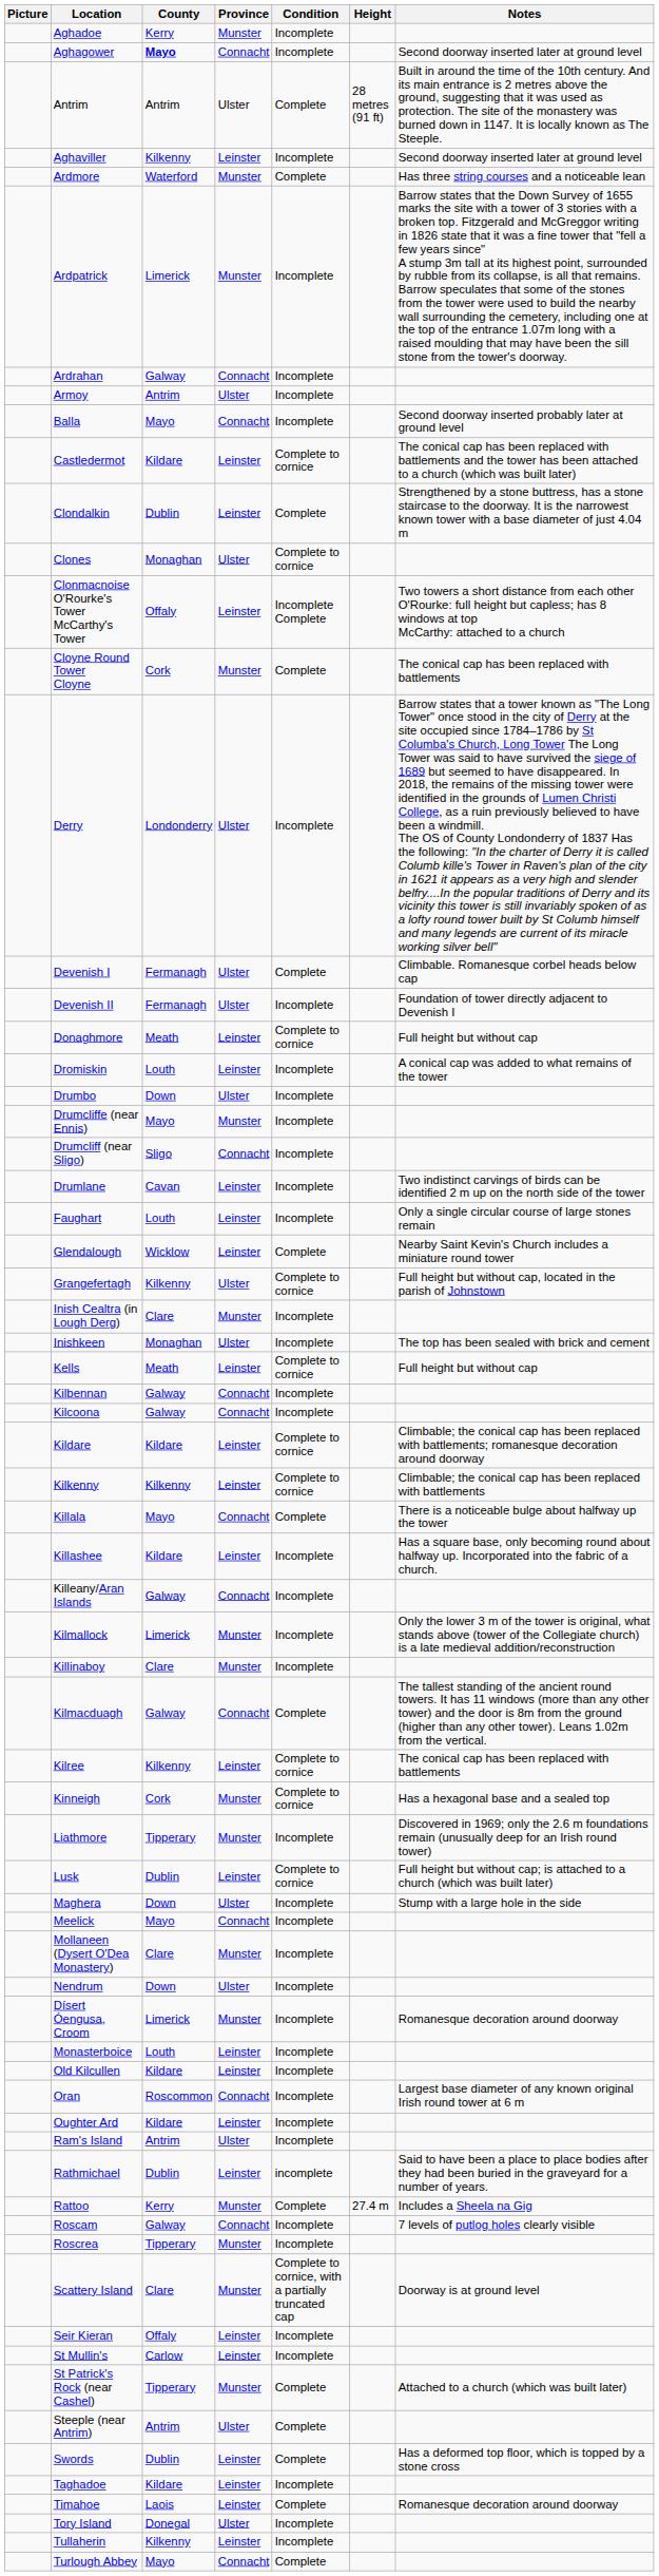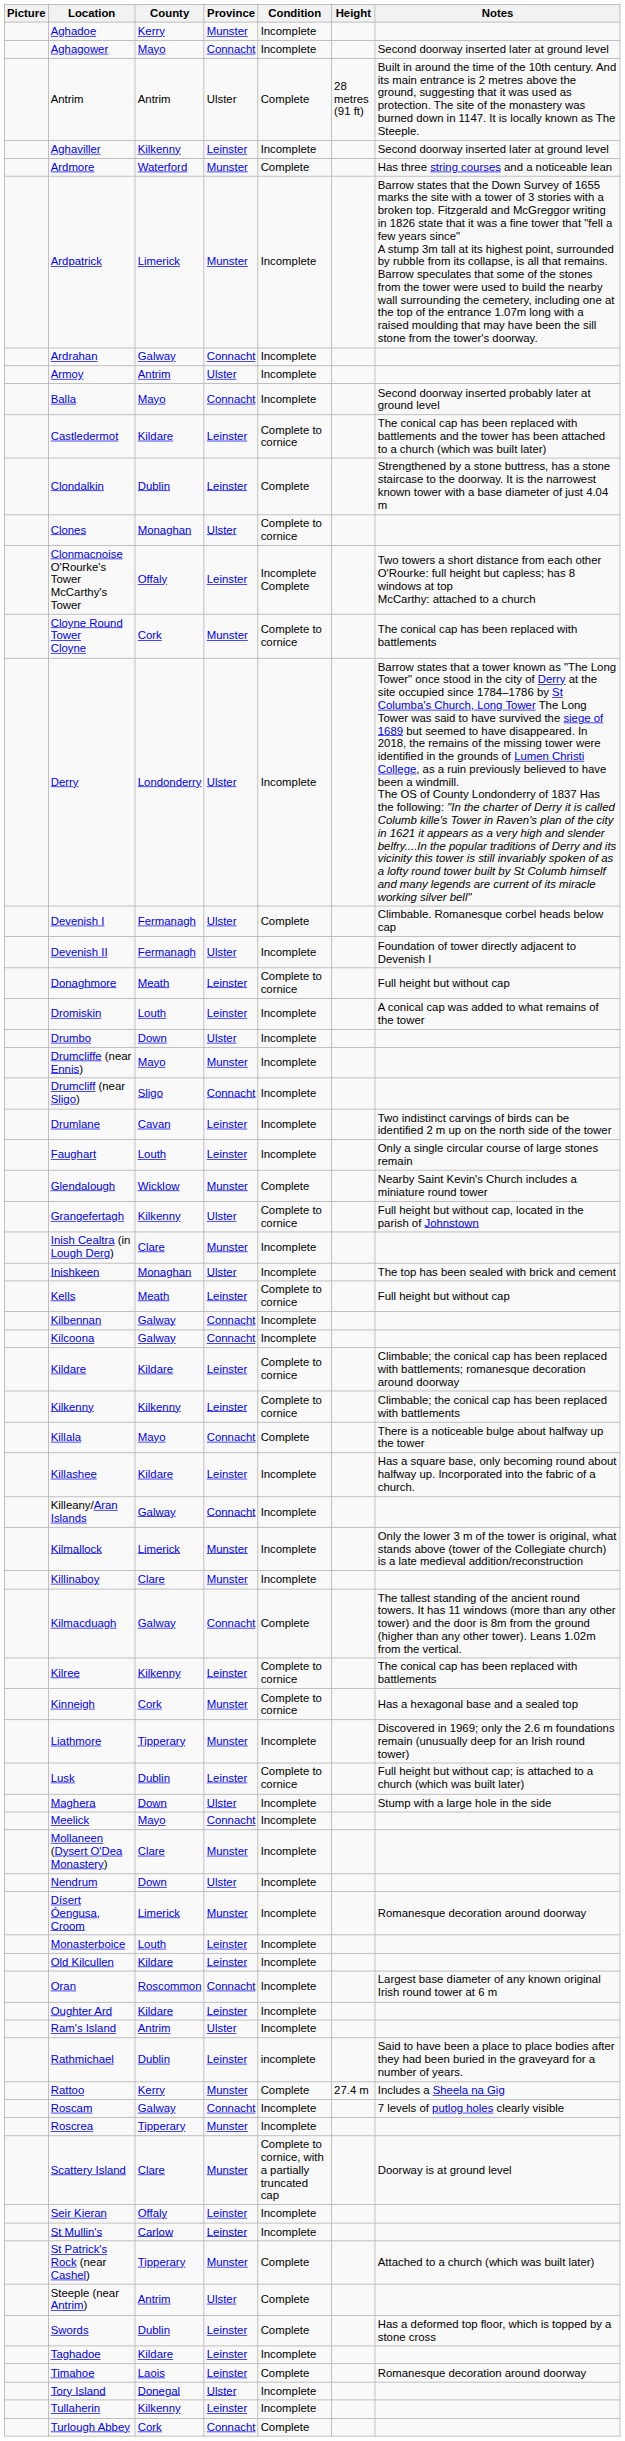 <table class="wikitable sortable">
 <tr>
 <th>Picture</th>
 <th>Location</th>
 <th>County</th>
 <th>Province</th>
 <th>Condition</th>
 <th>Height</th>
 <th>Notes</th>
 </tr>
 <tr>
 <td></td>
 <td><a href='#'>Aghadoe</a></td>
 <td><a href='#'>Kerry</a></td>
 <td><a href='#'>Munster</a></td>
 <td>Incomplete</td>
 <td data-sort-value="05.4"></td>
 <td></td>
 </tr>
 <tr>
 <td></td>
 <td><a href='#'>Aghagower</a></td>
-<td><strong><a href='#'>Mayo</a></strong></td>
+<td><a href='#'>Mayo</a></td>
 <td><a href='#'>Connacht</a></td>
 <td>Incomplete</td>
 <td data-sort-value="16"></td>
 <td>Second doorway inserted later at ground level</td>
 </tr>
 <tr>
 <td></td>
 <td>Antrim</td>
 <td>Antrim</td>
 <td>Ulster</td>
 <td>Complete</td>
 <td>28 metres (91 ft)</td>
 <td>Built in around the time of the 10th century. And its main entrance is 2 metres above the ground, suggesting that it was used as protection. The site of the monastery was burned down in 1147. It is locally known as The Steeple.</td>
 </tr>
 <tr>
 <td></td>
 <td><a href='#'>Aghaviller</a></td>
 <td><a href='#'>Kilkenny</a></td>
 <td><a href='#'>Leinster</a></td>
 <td>Incomplete</td>
 <td data-sort-value="09.6"></td>
 <td>Second doorway inserted later at ground level</td>
 </tr>
 <tr>
 <td></td>
 <td><a href='#'>Ardmore</a></td>
 <td><a href='#'>Waterford</a></td>
 <td><a href='#'>Munster</a></td>
 <td>Complete</td>
 <td data-sort-value="30"></td>
 <td>Has three <a href='#'>string courses</a> and a noticeable lean</td>
 </tr>
 <tr>
 <td></td>
 <td><a href='#'>Ardpatrick</a></td>
 <td><a href='#'>Limerick</a></td>
 <td><a href='#'>Munster</a></td>
 <td>Incomplete</td>
 <td data-sort-value="03"></td>
 <td>Barrow states that the Down Survey of 1655 marks the site with a tower of 3 stories with a broken top. Fitzgerald and McGreggor writing in 1826 state that it was a fine tower that "fell a few years since"<br>A stump 3m tall at its highest point, surrounded by rubble from its collapse, is all that remains. Barrow speculates that some of the stones from the tower were used to build the nearby wall surrounding the cemetery, including one at the top of the entrance 1.07m long with a raised moulding that may have been the sill stone from the tower's doorway.</td>
 </tr>
 <tr>
 <td></td>
 <td><a href='#'>Ardrahan</a></td>
 <td><a href='#'>Galway</a></td>
 <td><a href='#'>Connacht</a></td>
 <td>Incomplete</td>
 <td data-sort-value="03"></td>
 <td></td>
 </tr>
 <tr>
 <td></td>
 <td><a href='#'>Armoy</a></td>
 <td><a href='#'>Antrim</a></td>
 <td><a href='#'>Ulster</a></td>
 <td>Incomplete</td>
 <td data-sort-value="10.8"></td>
 <td></td>
 </tr>
 <tr>
 <td></td>
 <td><a href='#'>Balla</a></td>
 <td><a href='#'>Mayo</a></td>
 <td><a href='#'>Connacht</a></td>
 <td>Incomplete</td>
 <td data-sort-value="10"></td>
 <td>Second doorway inserted probably later at ground level</td>
 </tr>
 <tr>
 <td></td>
 <td><a href='#'>Castledermot</a></td>
 <td><a href='#'>Kildare</a></td>
 <td><a href='#'>Leinster</a></td>
 <td>Complete to cornice</td>
 <td data-sort-value="20"></td>
 <td>The conical cap has been replaced with battlements and the tower has been attached to a church (which was built later)</td>
 </tr>
 <tr>
 <td></td>
 <td><a href='#'>Clondalkin</a></td>
 <td><a href='#'>Dublin</a></td>
 <td><a href='#'>Leinster</a></td>
 <td>Complete</td>
 <td data-sort-value="27.5"></td>
 <td>Strengthened by a stone buttress, has a stone staircase to the doorway. It is the narrowest known tower with a base diameter of just 4.04 m</td>
 </tr>
 <tr>
 <td></td>
 <td><a href='#'>Clones</a></td>
 <td><a href='#'>Monaghan</a></td>
 <td><a href='#'>Ulster</a></td>
 <td>Complete to cornice</td>
 <td data-sort-value="22.9"></td>
 <td></td>
 </tr>
 <tr>
 <td></td>
 <td><a href='#'>Clonmacnoise</a><br>O'Rourke's Tower<br>McCarthy's Tower</td>
 <td><a href='#'>Offaly</a></td>
 <td><a href='#'>Leinster</a></td>
 <td>Incomplete<br>Complete</td>
 <td data-sort-value="19.3"><br></td>
 <td>Two towers a short distance from each other<br>O'Rourke: full height but capless; has 8 windows at top<br>McCarthy: attached to a church</td>
 </tr>
 <tr>
 <td></td>
 <td><a href='#'>Cloyne Round Tower</a><br> <a href='#'>Cloyne</a></td>
 <td><a href='#'>Cork</a></td>
 <td><a href='#'>Munster</a></td>
-<td>Complete</td>
+<td>Complete to cornice</td>
 <td data-sort-value="30.5"></td>
 <td>The conical cap has been replaced with battlements</td>
 </tr>
 <tr>
 <td></td>
 <td><a href='#'>Derry</a></td>
 <td><a href='#'>Londonderry</a></td>
 <td><a href='#'>Ulster</a></td>
 <td>Incomplete</td>
 <td "around"[data-sort-value="5.5" ]></td>
 <td>Barrow states that a tower known as "The Long Tower" once stood in the city of <a href='#'>Derry</a> at the site occupied since 1784–1786 by <a href='#'>St Columba's Church, Long Tower</a> The Long Tower was said to have survived the <a href='#'>siege of 1689</a> but seemed to have disappeared. In 2018, the remains of the missing tower were identified in the grounds of <a href='#'>Lumen Christi College</a>, as a ruin previously believed to have been a windmill.<br>The OS of County Londonderry of 1837 Has the following: <em>"In the charter of Derry it is called Columb kille's Tower in Raven's plan of the city in 1621 it appears as a very high and slender belfry....In the popular traditions of Derry and its vicinity this tower is still invariably spoken of as a lofty round tower built by St Columb himself and many legends are current of its miracle working silver bell"</em></td>
 </tr>
 <tr>
 <td></td>
 <td><a href='#'>Devenish I</a></td>
 <td><a href='#'>Fermanagh</a></td>
 <td><a href='#'>Ulster</a></td>
 <td>Complete</td>
 <td data-sort-value="25"></td>
 <td>Climbable.  Romanesque corbel heads below cap</td>
 </tr>
 <tr>
 <td></td>
 <td><a href='#'>Devenish II</a></td>
 <td><a href='#'>Fermanagh</a></td>
 <td><a href='#'>Ulster</a></td>
 <td>Incomplete</td>
 <td data-sort-value="0.5"></td>
 <td>Foundation of tower directly adjacent to Devenish I</td>
 </tr>
 <tr>
 <td></td>
 <td><a href='#'>Donaghmore</a></td>
 <td><a href='#'>Meath</a></td>
 <td><a href='#'>Leinster</a></td>
 <td>Complete to cornice</td>
 <td data-sort-value="26.6"></td>
 <td>Full height but without cap</td>
 </tr>
 <tr>
 <td></td>
 <td><a href='#'>Dromiskin</a></td>
 <td><a href='#'>Louth</a></td>
 <td><a href='#'>Leinster</a></td>
 <td>Incomplete</td>
 <td data-sort-value="15.2"></td>
 <td>A conical cap was added to what remains of the tower</td>
 </tr>
 <tr>
 <td></td>
 <td><a href='#'>Drumbo</a></td>
 <td><a href='#'>Down</a></td>
 <td><a href='#'>Ulster</a></td>
 <td>Incomplete</td>
 <td data-sort-value="10.25"></td>
 <td></td>
 </tr>
 <tr>
 <td></td>
 <td><a href='#'>Drumcliffe</a> (near <a href='#'>Ennis</a>)</td>
 <td><a href='#'>Mayo</a></td>
 <td><a href='#'>Munster</a></td>
 <td>Incomplete</td>
 <td data-sort-value="11"></td>
 <td></td>
 </tr>
 <tr>
 <td></td>
 <td><a href='#'>Drumcliff</a> (near <a href='#'>Sligo</a>)</td>
 <td><a href='#'>Sligo</a></td>
 <td><a href='#'>Connacht</a></td>
 <td>Incomplete</td>
 <td data-sort-value="9"></td>
 <td></td>
 </tr>
 <tr>
 <td></td>
 <td><a href='#'>Drumlane</a></td>
 <td><a href='#'>Cavan</a></td>
 <td><a href='#'>Leinster</a></td>
 <td>Incomplete</td>
 <td data-sort-value="12"></td>
 <td>Two indistinct carvings of birds can be identified 2 m up on the north side of the tower</td>
 </tr>
 <tr>
 <td></td>
 <td><a href='#'>Faughart</a></td>
 <td><a href='#'>Louth</a></td>
 <td><a href='#'>Leinster</a></td>
 <td>Incomplete</td>
 <td data-sort-value="0.05"></td>
 <td>Only a single circular course of large stones remain</td>
 </tr>
 <tr>
 <td></td>
 <td><a href='#'>Glendalough</a></td>
 <td><a href='#'>Wicklow</a></td>
-<td><a href='#'>Leinster</a></td>
+<td><a href='#'>Munster</a></td>
 <td>Complete</td>
 <td data-sort-value="30.5"></td>
 <td>Nearby Saint Kevin's Church includes a miniature round tower</td>
 </tr>
 <tr>
 <td></td>
 <td><a href='#'>Grangefertagh</a></td>
 <td><a href='#'>Kilkenny</a></td>
 <td><a href='#'>Ulster</a></td>
 <td>Complete to cornice</td>
 <td data-sort-value="30"></td>
 <td>Full height but without cap, located in the parish of <a href='#'>Johnstown</a></td>
 </tr>
 <tr>
 <td></td>
 <td><a href='#'>Inish Cealtra</a> (in <a href='#'>Lough Derg</a>)</td>
 <td><a href='#'>Clare</a></td>
 <td><a href='#'>Munster</a></td>
 <td>Incomplete</td>
 <td data-sort-value="22.3"></td>
 <td></td>
 </tr>
 <tr>
 <td></td>
 <td><a href='#'>Inishkeen</a></td>
 <td><a href='#'>Monaghan</a></td>
 <td><a href='#'>Ulster</a></td>
 <td>Incomplete</td>
 <td data-sort-value="12.6"></td>
 <td>The top has been sealed with brick and cement</td>
 </tr>
 <tr>
 <td></td>
 <td><a href='#'>Kells</a></td>
 <td><a href='#'>Meath</a></td>
 <td><a href='#'>Leinster</a></td>
 <td>Complete to cornice</td>
 <td data-sort-value="26"></td>
 <td>Full height but without cap</td>
 </tr>
 <tr>
 <td></td>
 <td><a href='#'>Kilbennan</a></td>
 <td><a href='#'>Galway</a></td>
 <td><a href='#'>Connacht</a></td>
 <td>Incomplete</td>
 <td data-sort-value="16.5"></td>
 <td></td>
 </tr>
 <tr>
 <td></td>
 <td><a href='#'>Kilcoona</a></td>
 <td><a href='#'>Galway</a></td>
 <td><a href='#'>Connacht</a></td>
 <td>Incomplete</td>
 <td data-sort-value="3"></td>
 <td></td>
 </tr>
 <tr>
 <td></td>
 <td><a href='#'>Kildare</a></td>
 <td><a href='#'>Kildare</a></td>
 <td><a href='#'>Leinster</a></td>
 <td>Complete to cornice</td>
 <td data-sort-value="32"></td>
 <td>Climbable; the conical cap has been replaced with battlements; romanesque decoration around doorway</td>
 </tr>
 <tr>
 <td></td>
 <td><a href='#'>Kilkenny</a></td>
 <td><a href='#'>Kilkenny</a></td>
 <td><a href='#'>Leinster</a></td>
 <td>Complete to cornice</td>
 <td data-sort-value="30"></td>
 <td>Climbable; the conical cap has been replaced with battlements</td>
 </tr>
 <tr>
 <td></td>
 <td><a href='#'>Killala</a></td>
 <td><a href='#'>Mayo</a></td>
 <td><a href='#'>Connacht</a></td>
 <td>Complete</td>
 <td data-sort-value="25.5"></td>
 <td>There is a noticeable bulge about halfway up the tower</td>
 </tr>
 <tr>
 <td></td>
 <td><a href='#'>Killashee</a></td>
 <td><a href='#'>Kildare</a></td>
 <td><a href='#'>Leinster</a></td>
 <td>Incomplete</td>
 <td data-sort-value="7.3"></td>
 <td>Has a square base, only becoming round about halfway up. Incorporated into the fabric of a church.</td>
 </tr>
 <tr>
 <td></td>
 <td>Killeany/<a href='#'>Aran Islands</a></td>
 <td><a href='#'>Galway</a></td>
 <td><a href='#'>Connacht</a></td>
 <td>Incomplete</td>
 <td data-sort-value="3.02"></td>
 <td></td>
 </tr>
 <tr>
 <td></td>
 <td><a href='#'>Kilmallock</a></td>
 <td><a href='#'>Limerick</a></td>
 <td><a href='#'>Munster</a></td>
 <td>Incomplete</td>
 <td data-sort-value="3"></td>
 <td>Only the lower 3 m of the tower is original, what stands above (tower of the Collegiate church) is a late medieval addition/reconstruction</td>
 </tr>
 <tr>
 <td></td>
 <td><a href='#'>Killinaboy</a></td>
 <td><a href='#'>Clare</a></td>
 <td><a href='#'>Munster</a></td>
 <td>Incomplete</td>
 <td data-sort-value="3.5"></td>
 <td></td>
 </tr>
 <tr>
 <td></td>
 <td><a href='#'>Kilmacduagh</a></td>
 <td><a href='#'>Galway</a></td>
 <td><a href='#'>Connacht</a></td>
 <td>Complete</td>
 <td data-sort-value="34.5"></td>
 <td>The tallest standing of the ancient round towers. It has 11 windows (more than any other tower) and the door is 8m from the ground (higher than any other tower). Leans 1.02m from the vertical.</td>
 </tr>
 <tr>
 <td></td>
 <td><a href='#'>Kilree</a></td>
 <td><a href='#'>Kilkenny</a></td>
 <td><a href='#'>Leinster</a></td>
 <td>Complete to cornice</td>
 <td data-sort-value="27"></td>
 <td>The conical cap has been replaced with battlements</td>
 </tr>
 <tr>
 <td></td>
 <td><a href='#'>Kinneigh</a></td>
 <td><a href='#'>Cork</a></td>
 <td><a href='#'>Munster</a></td>
 <td>Complete to cornice</td>
 <td data-sort-value="24.5"></td>
 <td>Has a hexagonal base and a sealed top</td>
 </tr>
 <tr>
 <td></td>
 <td><a href='#'>Liathmore</a></td>
 <td><a href='#'>Tipperary</a></td>
 <td><a href='#'>Munster</a></td>
 <td>Incomplete</td>
 <td data-sort-value="0.01"></td>
 <td>Discovered in 1969; only the 2.6 m foundations remain (unusually deep for an Irish round tower)</td>
 </tr>
 <tr>
 <td></td>
 <td><a href='#'>Lusk</a></td>
 <td><a href='#'>Dublin</a></td>
 <td><a href='#'>Leinster</a></td>
 <td>Complete to cornice</td>
 <td data-sort-value="26.6"></td>
 <td>Full height but without cap; is attached to a church (which was built later)</td>
 </tr>
 <tr>
 <td></td>
 <td><a href='#'>Maghera</a></td>
 <td><a href='#'>Down</a></td>
 <td><a href='#'>Ulster</a></td>
 <td>Incomplete</td>
 <td data-sort-value="5.4"></td>
 <td>Stump with a large hole in the side</td>
 </tr>
 <tr>
 <td></td>
 <td><a href='#'>Meelick</a></td>
 <td><a href='#'>Mayo</a></td>
 <td><a href='#'>Connacht</a></td>
 <td>Incomplete</td>
 <td data-sort-value="21"></td>
 <td></td>
 </tr>
 <tr>
 <td></td>
 <td><a href='#'>Mollaneen</a> (<a href='#'>Dysert O'Dea Monastery</a>)</td>
 <td><a href='#'>Clare</a></td>
 <td><a href='#'>Munster</a></td>
 <td>Incomplete</td>
 <td data-sort-value="15"></td>
 <td></td>
 </tr>
 <tr>
 <td></td>
 <td><a href='#'>Nendrum</a></td>
 <td><a href='#'>Down</a></td>
 <td><a href='#'>Ulster</a></td>
 <td>Incomplete</td>
 <td data-sort-value="4.4"></td>
 <td></td>
 </tr>
 <tr>
 <td></td>
 <td><a href='#'>Dísert Óengusa, Croom</a></td>
 <td><a href='#'>Limerick</a></td>
 <td><a href='#'>Munster</a></td>
 <td>Incomplete</td>
 <td data-sort-value="21"></td>
 <td>Romanesque decoration around doorway</td>
 </tr>
 <tr>
 <td></td>
 <td><a href='#'>Monasterboice</a></td>
 <td><a href='#'>Louth</a></td>
 <td><a href='#'>Leinster</a></td>
 <td>Incomplete</td>
 <td data-sort-value="28"></td>
 <td></td>
 </tr>
 <tr>
 <td></td>
 <td><a href='#'>Old Kilcullen</a></td>
 <td><a href='#'>Kildare</a></td>
 <td><a href='#'>Leinster</a></td>
 <td>Incomplete</td>
 <td data-sort-value="11"></td>
 <td></td>
 </tr>
 <tr>
 <td></td>
 <td><a href='#'>Oran</a></td>
 <td><a href='#'>Roscommon</a></td>
 <td><a href='#'>Connacht</a></td>
 <td>Incomplete</td>
 <td data-sort-value="3.9"></td>
 <td>Largest base diameter of any known original Irish round tower at 6 m</td>
 </tr>
 <tr>
 <td></td>
 <td><a href='#'>Oughter Ard</a></td>
 <td><a href='#'>Kildare</a></td>
 <td><a href='#'>Leinster</a></td>
 <td>Incomplete</td>
 <td data-sort-value="9.5"></td>
 <td></td>
 </tr>
 <tr>
 <td></td>
 <td><a href='#'>Ram's Island</a></td>
 <td><a href='#'>Antrim</a></td>
 <td><a href='#'>Ulster</a></td>
 <td>Incomplete</td>
 <td data-sort-value="12.8"></td>
 <td></td>
 </tr>
 <tr>
 <td></td>
 <td><a href='#'>Rathmichael</a></td>
 <td><a href='#'>Dublin</a></td>
 <td><a href='#'>Leinster</a></td>
 <td>incomplete</td>
 <td data-sort-value="1.9"></td>
 <td>Said to have been a place to place bodies after they had been buried in the graveyard for a number of years.</td>
 </tr>
 <tr>
 <td></td>
 <td><a href='#'>Rattoo</a></td>
 <td><a href='#'>Kerry</a></td>
 <td><a href='#'>Munster</a></td>
 <td>Complete</td>
 <td>27.4 m</td>
 <td>Includes a <a href='#'>Sheela na Gig</a></td>
 </tr>
 <tr>
 <td></td>
 <td><a href='#'>Roscam</a></td>
 <td><a href='#'>Galway</a></td>
 <td><a href='#'>Connacht</a></td>
 <td>Incomplete</td>
 <td data-sort-value="10.98"></td>
 <td>7 levels of <a href='#'>putlog holes</a> clearly visible</td>
 </tr>
 <tr>
 <td></td>
 <td><a href='#'>Roscrea</a></td>
 <td><a href='#'>Tipperary</a></td>
 <td><a href='#'>Munster</a></td>
 <td>Incomplete</td>
 <td data-sort-value="20"></td>
 <td></td>
 </tr>
 <tr>
 <td></td>
 <td><a href='#'>Scattery Island</a></td>
 <td><a href='#'>Clare</a></td>
 <td><a href='#'>Munster</a></td>
 <td>Complete to cornice, with a partially truncated cap</td>
 <td data-sort-value="26"></td>
 <td>Doorway is at ground level</td>
 </tr>
 <tr>
 <td></td>
 <td><a href='#'>Seir Kieran</a></td>
 <td><a href='#'>Offaly</a></td>
 <td><a href='#'>Leinster</a></td>
 <td>Incomplete</td>
 <td data-sort-value="2.6"></td>
 <td></td>
 </tr>
 <tr>
 <td></td>
 <td><a href='#'>St Mullin's</a></td>
 <td><a href='#'>Carlow</a></td>
 <td><a href='#'>Leinster</a></td>
 <td>Incomplete</td>
 <td data-sort-value="1"></td>
 <td></td>
 </tr>
 <tr>
 <td></td>
 <td><a href='#'>St Patrick's Rock</a> (near <a href='#'>Cashel</a>)</td>
 <td><a href='#'>Tipperary</a></td>
 <td><a href='#'>Munster</a></td>
 <td>Complete</td>
 <td data-sort-value="28"></td>
 <td>Attached to a church (which was built later)</td>
 </tr>
 <tr>
 <td></td>
 <td>Steeple (near <a href='#'>Antrim</a>)</td>
 <td><a href='#'>Antrim</a></td>
 <td><a href='#'>Ulster</a></td>
 <td>Complete</td>
 <td data-sort-value="28"></td>
 <td></td>
 </tr>
 <tr>
 <td></td>
 <td><a href='#'>Swords</a></td>
 <td><a href='#'>Dublin</a></td>
 <td><a href='#'>Leinster</a></td>
 <td>Complete</td>
 <td data-sort-value="26"></td>
 <td>Has a deformed top floor, which is topped by a stone cross</td>
 </tr>
 <tr>
 <td></td>
 <td><a href='#'>Taghadoe</a></td>
 <td><a href='#'>Kildare</a></td>
 <td><a href='#'>Leinster</a></td>
 <td>Incomplete</td>
 <td data-sort-value="19.8"></td>
 <td></td>
 </tr>
 <tr>
 <td></td>
 <td><a href='#'>Timahoe</a></td>
 <td><a href='#'>Laois</a></td>
 <td><a href='#'>Leinster</a></td>
 <td>Complete</td>
 <td data-sort-value="29"></td>
 <td>Romanesque decoration around doorway</td>
 </tr>
 <tr>
 <td></td>
 <td><a href='#'>Tory Island</a></td>
 <td><a href='#'>Donegal</a></td>
 <td><a href='#'>Ulster</a></td>
 <td>Incomplete</td>
 <td data-sort-value="12.8"></td>
 <td></td>
 </tr>
 <tr>
 <td></td>
 <td><a href='#'>Tullaherin</a></td>
 <td><a href='#'>Kilkenny</a></td>
 <td><a href='#'>Leinster</a></td>
 <td>Incomplete</td>
 <td data-sort-value="22.5"></td>
 <td></td>
 </tr>
 <tr>
 <td></td>
 <td><a href='#'>Turlough Abbey</a></td>
-<td><a href='#'>Mayo</a></td>
+<td><a href='#'>Cork</a></td>
 <td><a href='#'>Connacht</a></td>
 <td>Complete</td>
 <td data-sort-value="22.9"></td>
 <td></td>
 </tr>
 </table>
